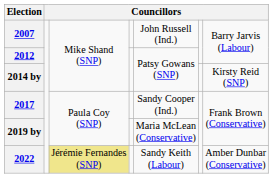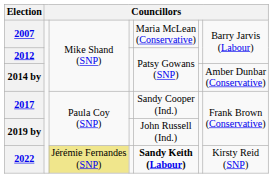 <table class="wikitable" style="text-align:center">
 <tr>
 <th>Election</th>
 <th colspan=8>Councillors</th>
 </tr>
 <tr>
 <th><a href='#'>2007</a></th>
 <td rowspan=6; style="background-color: "></td>
 <td rowspan=3>Mike Shand<br>(<a href='#'>SNP</a>)</td>
 <td rowspan=1; style="background-color: "></td>
-<td rowspan=1>John Russell<br>(Ind.)</td>
+<td rowspan=1>Maria McLean<br>(<a href='#'>Conservative</a>)</td>
 <td rowspan=2; style="background-color: "></td>
 <td rowspan=2>Barry Jarvis<br>(<a href='#'>Labour</a>)</td>
 </tr>
 <tr>
 <th><a href='#'>2012</a></th>
 <td rowspan=2; style="background-color: "></td>
 <td rowspan=2>Patsy Gowans<br>(<a href='#'>SNP</a>)</td>
 </tr>
 <tr>
 <th>2014 by</th>
 <td rowspan=1; style="background-color: "></td>
-<td rowspan=1>Kirsty Reid<br>(<a href='#'>SNP</a>)</td>
+<td rowspan=1>Amber Dunbar<br>(<a href='#'>Conservative</a>)</td>
 </tr>
 <tr>
 <th><a href='#'>2017</a></th>
 <td rowspan=2>Paula Coy<br>(<a href='#'>SNP</a>)</td>
 <td rowspan=1; style="background-color: "></td>
 <td rowspan=1>Sandy Cooper<br>(Ind.)</td>
 <td rowspan=3; style="background-color: "></td>
 <td rowspan=2>Frank Brown<br>(<a href='#'>Conservative</a>)</td>
 </tr>
 <tr>
 <th>2019 by</th>
 <td rowspan=1; style="background-color: "></td>
-<td rowspan=1>Maria McLean<br>(<a href='#'>Conservative</a>)</td>
+<td rowspan=1>John Russell<br>(Ind.)</td>
 </tr>
 <tr>
 <th><a href='#'>2022</a></th>
 <td rowspan=1 style="background: khaki;">Jérémie Fernandes<br>(<a href='#'>SNP</a>)</td>
 <td rowspan=1; style="background-color: "></td>
-<td rowspan=1>Sandy Keith<br>(<a href='#'>Labour</a>)</td>
-<td rowspan=1>Amber Dunbar<br>(<a href='#'>Conservative</a>)</td>
+<td rowspan=1><strong>Sandy Keith<br>(<a href='#'>Labour</a>)</strong></td>
+<td rowspan=1>Kirsty Reid<br>(<a href='#'>SNP</a>)</td>
 </tr>
 </table>
